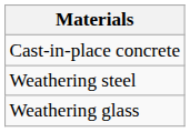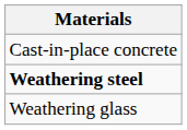 <table class="wikitable">
 <tr>
 <th>Materials</th>
 </tr>
 <tr>
 <td>Cast-in-place concrete</td>
 </tr>
 <tr>
-<td>Weathering steel</td>
+<td><strong>Weathering steel</strong></td>
 </tr>
 <tr>
 <td>Weathering glass</td>
 </tr>
 </table>
